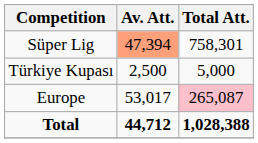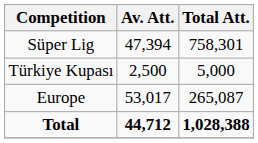 <table class="wikitable" style="text-align: center">
 <tr>
 <th>Competition</th>
 <th>Av. Att.</th>
 <th>Total Att.</th>
 </tr>
 <tr>
 <td>Süper Lig</td>
-<td style="background: lightsalmon;">47,394</td>
+<td>47,394</td>
 <td>758,301</td>
 </tr>
 <tr>
 <td>Türkiye Kupası</td>
 <td>2,500</td>
 <td>5,000</td>
 </tr>
 <tr>
 <td>Europe</td>
 <td>53,017</td>
-<td style="background: pink;">265,087</td>
+<td>265,087</td>
 </tr>
 <tr>
 <td><strong>Total</strong></td>
 <td><strong>44,712</strong></td>
 <td><strong>1,028,388</strong></td>
 </tr>
 <tr>
 </tr>
 </table>
